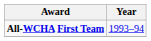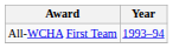 <table class="wikitable">
 <tr>
 <th>Award</th>
 <th>Year</th>
 </tr>
 <tr>
-<td><strong>All-<a href='#'>WCHA</a> <a href='#'>First Team</a></strong></td>
+<td>All-<a href='#'>WCHA</a> <a href='#'>First Team</a></td>
 <td><a href='#'>1993–94</a></td>
 </tr>
 <tr>
 </tr>
 </table>
